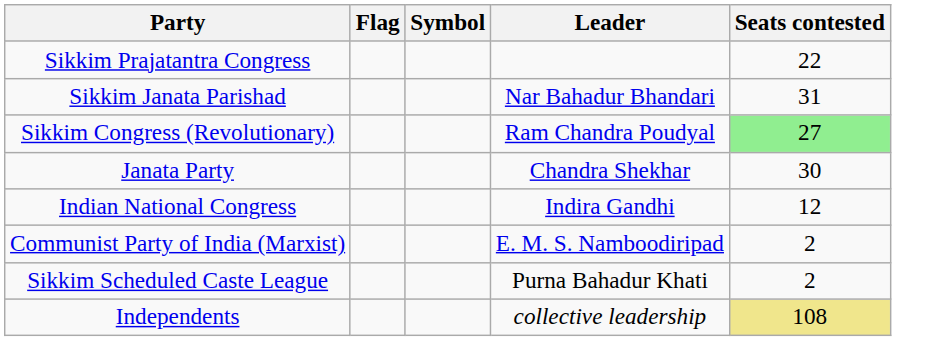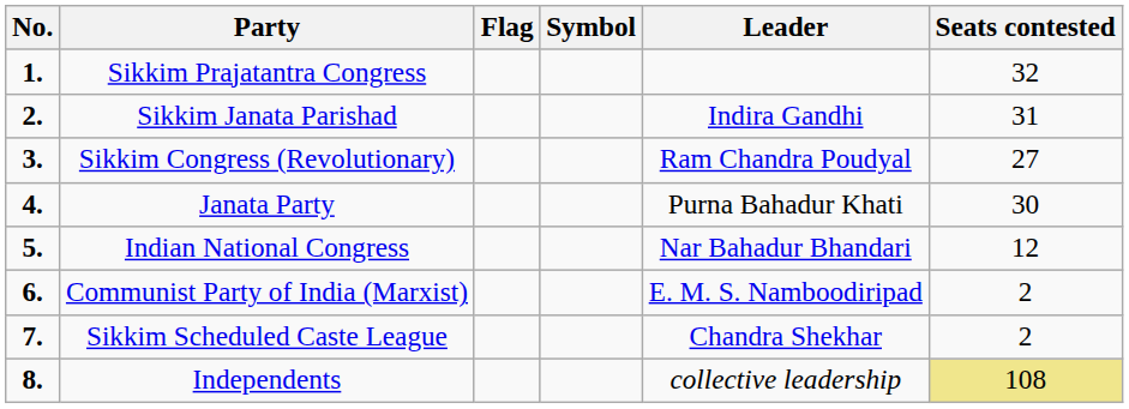 <table class="wikitable">
 <tr>
+<th>No.</th>
 <th>Party</th>
 <th>Flag</th>
 <th>Symbol</th>
 <th>Leader</th>
 <th>Seats contested</th>
 </tr>
 <tr>
+<td ! style="text-align:center; background:"><strong>1.</strong></td>
 <td style="text-align:center"><a href='#'>Sikkim Prajatantra Congress</a></td>
 <td></td>
 <td></td>
 <td style="text-align:center"></td>
-<td style="text-align:center">22</td>
+<td style="text-align:center">32</td>
 </tr>
 <tr>
+<td ! style="text-align:center; background:"><strong>2.</strong></td>
 <td style="text-align:center"><a href='#'>Sikkim Janata Parishad</a></td>
 <td></td>
 <td></td>
-<td style="text-align:center"><a href='#'>Nar Bahadur Bhandari</a></td>
+<td style="text-align:center"><a href='#'>Indira Gandhi</a></td>
 <td style="text-align:center">31</td>
 </tr>
 <tr>
+<td ! style="text-align:center; background:"><strong>3.</strong></td>
 <td style="text-align:center"><a href='#'>Sikkim Congress (Revolutionary)</a></td>
 <td></td>
 <td></td>
 <td style="text-align:center"><a href='#'>Ram Chandra Poudyal</a></td>
-<td style="background: lightgreen; text-align:center">27</td>
+<td style="text-align:center">27</td>
 </tr>
 <tr>
+<td ! style="text-align:center; background:"><strong>4.</strong></td>
 <td style="text-align:center"><a href='#'>Janata Party</a></td>
 <td></td>
 <td></td>
-<td style="text-align:center"><a href='#'>Chandra Shekhar</a></td>
+<td style="text-align:center">Purna Bahadur Khati</td>
 <td style="text-align:center">30</td>
 </tr>
 <tr>
+<td ! style="text-align:center; background:"><strong>5.</strong></td>
 <td style="text-align:center"><a href='#'>Indian National Congress</a></td>
 <td></td>
 <td></td>
-<td style="text-align:center"><a href='#'>Indira Gandhi</a></td>
+<td style="text-align:center"><a href='#'>Nar Bahadur Bhandari</a></td>
 <td style="text-align:center">12</td>
 </tr>
 <tr>
+<td ! style="text-align:center; background:"><strong>6.</strong></td>
 <td style="text-align:center"><a href='#'>Communist Party of India (Marxist)</a></td>
 <td></td>
 <td></td>
 <td style="text-align:center"><a href='#'>E. M. S. Namboodiripad</a></td>
 <td style="text-align:center">2</td>
 </tr>
 <tr>
+<td ! style="text-align:center; background:"><strong>7.</strong></td>
 <td style="text-align:center"><a href='#'>Sikkim Scheduled Caste League</a></td>
 <td></td>
 <td></td>
-<td style="text-align:center">Purna Bahadur Khati</td>
+<td style="text-align:center"><a href='#'>Chandra Shekhar</a></td>
 <td style="text-align:center">2</td>
 </tr>
 <tr>
+<td ! style="text-align:center; background:"><strong>8.</strong></td>
 <td style="text-align:center"><a href='#'>Independents</a></td>
 <td></td>
 <td></td>
 <td style="text-align:center"><em>collective leadership</em></td>
 <td style="background: khaki; text-align:center">108</td>
 </tr>
 </table>
